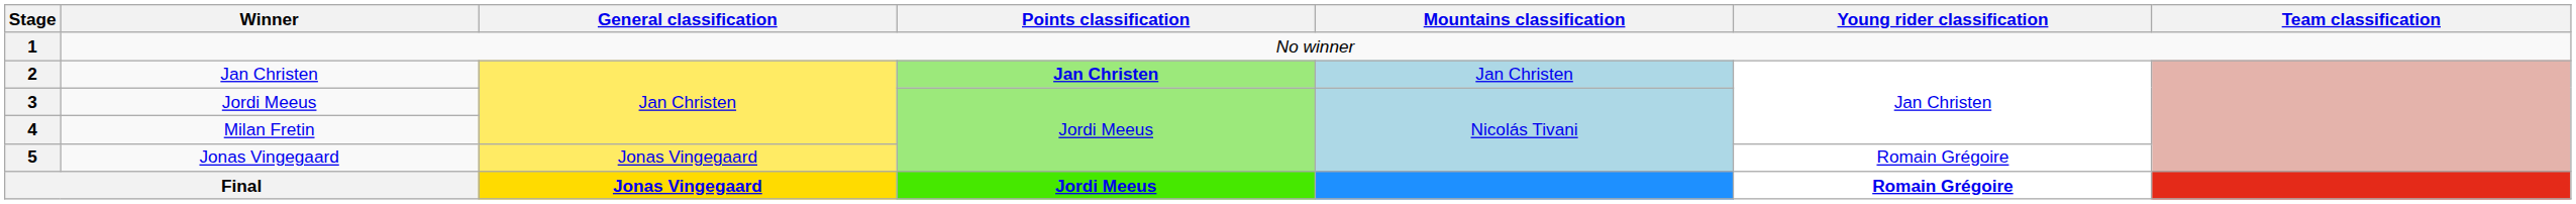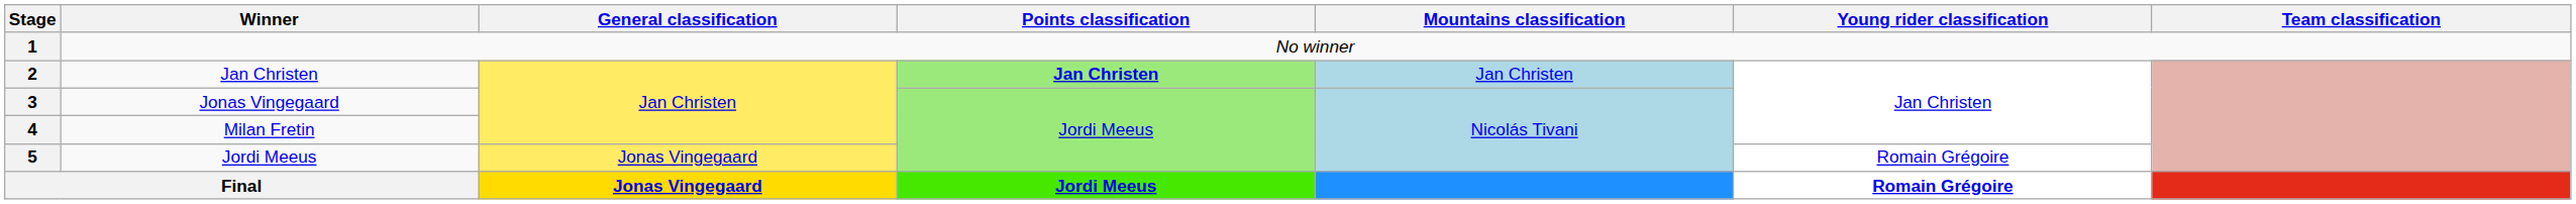 <table class="wikitable" style="text-align: center; font-size:smaller;">
 <tr style="background:#efefef;">
 <th width="1%">Stage</th>
 <th style="width:16.5%;">Winner</th>
 <th style="width:16.5%;"><a href='#'>General classification</a><br></th>
 <th style="width:16.5%;"><a href='#'>Points classification</a><br></th>
 <th style="width:16.5%;"><a href='#'>Mountains classification</a><br></th>
 <th style="width:16.5%;"><a href='#'>Young rider classification</a><br></th>
 <th style="width:16.5%;"><a href='#'>Team classification</a></th>
 </tr>
 <tr>
 <th>1</th>
 <td colspan="6"><em>No winner</em></td>
 </tr>
 <tr>
 <th>2</th>
 <td><a href='#'>Jan Christen</a></td>
 <td style="background:#FFEB64;" rowspan="3"><a href='#'>Jan Christen</a></td>
 <td style="background:#9CE97B;"><strong><a href='#'>Jan Christen</a></strong></td>
 <td style="background:lightblue;"><a href='#'>Jan Christen</a></td>
 <td style="background:white;" rowspan="3"><a href='#'>Jan Christen</a></td>
 <td style="background:#E4B3AB;" rowspan="4"></td>
 </tr>
 <tr>
 <th>3</th>
-<td><a href='#'>Jordi Meeus</a></td>
+<td><a href='#'>Jonas Vingegaard</a></td>
 <td style="background:#9CE97B;" rowspan="3"><a href='#'>Jordi Meeus</a></td>
 <td style="background:lightblue;" rowspan="3"><a href='#'>Nicolás Tivani</a></td>
 </tr>
 <tr>
 <th>4</th>
 <td><a href='#'>Milan Fretin</a></td>
 </tr>
 <tr>
 <th>5</th>
-<td><a href='#'>Jonas Vingegaard</a></td>
+<td><a href='#'>Jordi Meeus</a></td>
 <td style="background:#FFEB64;"><a href='#'>Jonas Vingegaard</a></td>
 <td style="background:white;"><a href='#'>Romain Grégoire</a></td>
 </tr>
 <tr>
 <th colspan="2">Final</th>
 <th style="background:#FFDB00;"><a href='#'>Jonas Vingegaard</a></th>
 <th style="background:#46E800;"><a href='#'>Jordi Meeus</a></th>
 <th style="background:dodgerblue;"></th>
 <th style="background:white;"><a href='#'>Romain Grégoire</a></th>
 <th style="background:#E42A19;"></th>
 </tr>
 </table>
